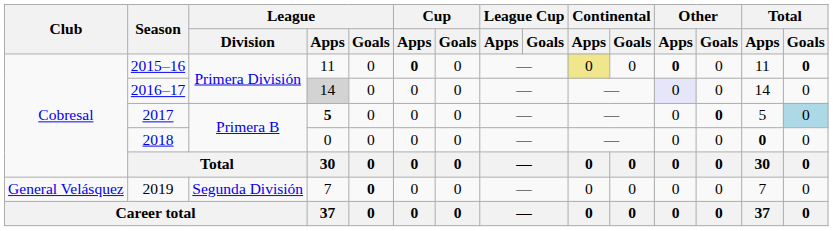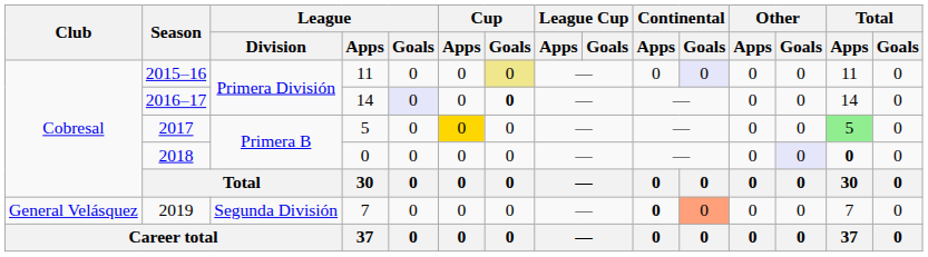 <table class="wikitable" style="text-align:center">
 <tr>
 <th rowspan="2">Club</th>
 <th rowspan="2">Season</th>
 <th colspan="3">League</th>
 <th colspan="2">Cup</th>
 <th colspan="2">League Cup</th>
 <th colspan="2">Continental</th>
 <th colspan="2">Other</th>
 <th colspan="2">Total</th>
 </tr>
 <tr>
 <th>Division</th>
 <th>Apps</th>
 <th>Goals</th>
 <th>Apps</th>
 <th>Goals</th>
 <th>Apps</th>
 <th>Goals</th>
 <th>Apps</th>
 <th>Goals</th>
 <th>Apps</th>
 <th>Goals</th>
 <th>Apps</th>
 <th>Goals</th>
 </tr>
 <tr>
 <td rowspan="5"><a href='#'>Cobresal</a></td>
 <td><a href='#'>2015–16</a></td>
 <td rowspan="2"><a href='#'>Primera División</a></td>
 <td>11</td>
 <td>0</td>
-<td><strong>0</strong></td>
 <td>0</td>
+<td style="background: khaki;">0</td>
 <td colspan="2">—</td>
-<td style="background: khaki;">0</td>
 <td>0</td>
-<td><strong>0</strong></td>
+<td style="background: lavender;">0</td>
+<td>0</td>
 <td>0</td>
 <td>11</td>
-<td><strong>0</strong></td>
+<td>0</td>
 </tr>
 <tr>
 <td><a href='#'>2016–17</a></td>
-<td style="background: lightgrey;">14</td>
+<td>14</td>
+<td style="background: lavender;">0</td>
 <td>0</td>
-<td>0</td>
-<td>0</td>
+<td><strong>0</strong></td>
 <td colspan="2">—</td>
 <td colspan="2">—</td>
-<td style="background: lavender;">0</td>
+<td>0</td>
 <td>0</td>
 <td>14</td>
 <td>0</td>
 </tr>
 <tr>
 <td><a href='#'>2017</a></td>
 <td rowspan="2"><a href='#'>Primera B</a></td>
-<td><strong>5</strong></td>
+<td>5</td>
 <td>0</td>
-<td>0</td>
+<td style="background: gold;">0</td>
 <td>0</td>
 <td colspan="2">—</td>
 <td colspan="2">—</td>
 <td>0</td>
-<td><strong>0</strong></td>
-<td>5</td>
-<td style="background: lightblue;">0</td>
+<td>0</td>
+<td style="background: lightgreen;">5</td>
+<td>0</td>
 </tr>
 <tr>
 <td><a href='#'>2018</a></td>
 <td>0</td>
 <td>0</td>
 <td>0</td>
 <td>0</td>
 <td colspan="2">—</td>
 <td colspan="2">—</td>
 <td>0</td>
-<td>0</td>
+<td style="background: lavender;">0</td>
 <td><strong>0</strong></td>
 <td>0</td>
 </tr>
 <tr>
 <th colspan="2">Total</th>
 <th>30</th>
 <th>0</th>
 <th>0</th>
 <th>0</th>
 <th colspan="2">—</th>
 <th>0</th>
 <th>0</th>
 <th>0</th>
 <th>0</th>
 <th>30</th>
 <th>0</th>
 </tr>
 <tr>
 <td rowspan="1"><a href='#'>General Velásquez</a></td>
 <td>2019</td>
 <td rowspan="1"><a href='#'>Segunda División</a></td>
 <td>7</td>
-<td><strong>0</strong></td>
+<td>0</td>
 <td>0</td>
 <td>0</td>
 <td colspan="2">—</td>
-<td>0</td>
-<td>0</td>
+<td><strong>0</strong></td>
+<td style="background: lightsalmon;">0</td>
 <td>0</td>
 <td>0</td>
 <td>7</td>
 <td>0</td>
 </tr>
 <tr>
 <th colspan="3">Career total</th>
 <th>37</th>
 <th>0</th>
 <th>0</th>
 <th>0</th>
 <th colspan="2">—</th>
 <th>0</th>
 <th>0</th>
 <th>0</th>
 <th>0</th>
 <th>37</th>
 <th>0</th>
 </tr>
 </table>
